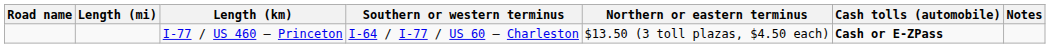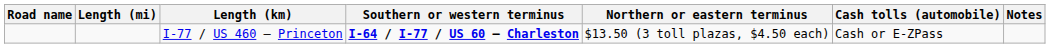 <table class=wikitable>
 <tr>
 <th scope=col>Road name</th>
 <th scope=col>Length (mi)</th>
 <th scope=col>Length (km)</th>
 <th scope=col>Southern or western terminus</th>
 <th scope=col>Northern or eastern terminus</th>
 <th scope=col>Cash tolls (automobile)</th>
 <th scope=col>Notes</th>
 </tr>
 <tr>
 <td></td>
 <td></td>
 <td><a href='#'>I-77</a> / <a href='#'>US 460</a> – <a href='#'>Princeton</a></td>
-<td><a href='#'>I-64</a> / <a href='#'>I-77</a> / <a href='#'>US 60</a> – <a href='#'>Charleston</a></td>
+<td><strong><a href='#'>I-64</a> / <a href='#'>I-77</a> / <a href='#'>US 60</a> – <a href='#'>Charleston</a></strong></td>
 <td>$13.50 (3 toll plazas, $4.50 each)</td>
-<td><strong>Cash or E-ZPass</strong></td>
+<td>Cash or E-ZPass</td>
 </tr>
 </table>
